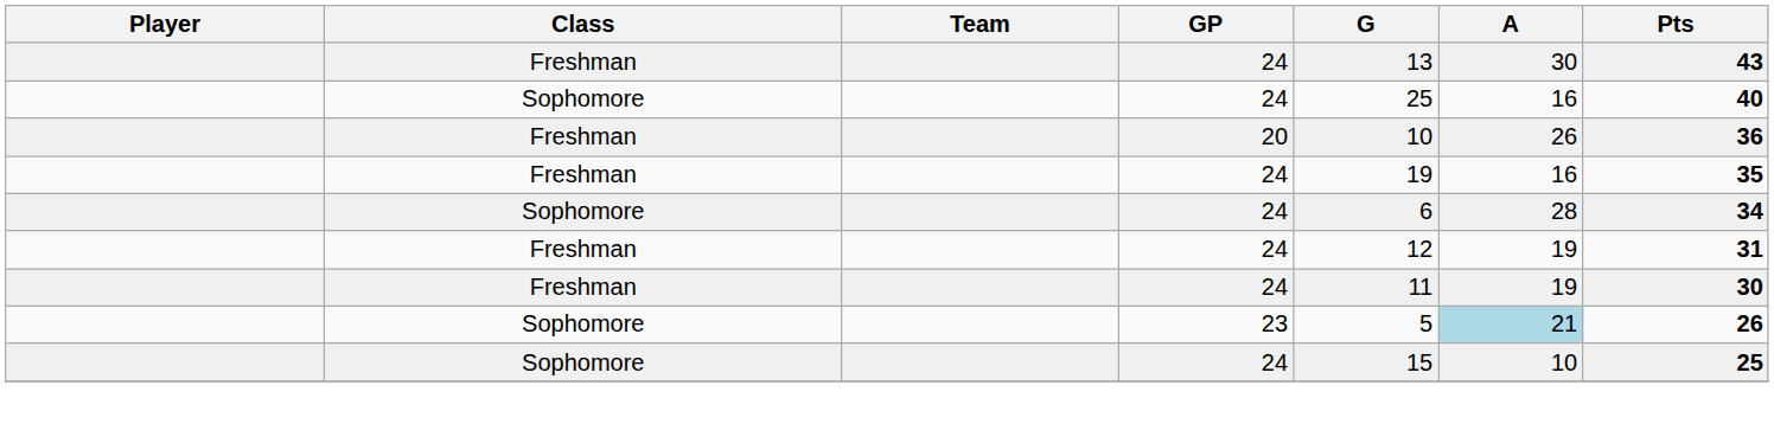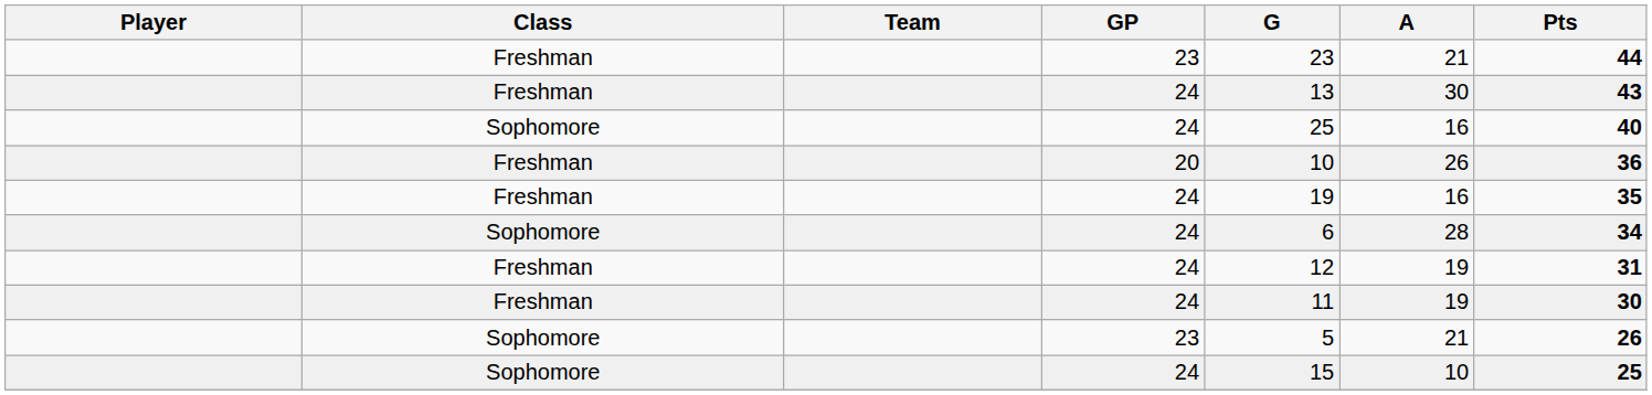 <table class="wikitable sortable" style="text-align: center; "width=60%">
 <tr>
 <th>Player</th>
 <th>Class</th>
 <th>Team</th>
 <th>GP</th>
 <th>G</th>
 <th>A</th>
 <th>Pts</th>
+</tr>
+<tr>
+<td style="text-align: left"></td>
+<td>Freshman</td>
+<td><strong><a href='#'></a></strong></td>
+<td style="text-align: right">23</td>
+<td style="text-align: right">23</td>
+<td style="text-align: right">21</td>
+<td style="text-align: right"><strong>44</strong></td>
 </tr>
 <tr bgcolor=f0f0f0>
 <td style="text-align: left"></td>
 <td>Freshman</td>
 <td><strong><a href='#'></a></strong></td>
 <td style="text-align: right">24</td>
 <td style="text-align: right">13</td>
 <td style="text-align: right">30</td>
 <td style="text-align: right"><strong>43</strong></td>
 </tr>
 <tr>
 <td style="text-align: left"></td>
 <td>Sophomore</td>
 <td><strong><a href='#'></a></strong></td>
 <td style="text-align: right">24</td>
 <td style="text-align: right">25</td>
 <td style="text-align: right">16</td>
 <td style="text-align: right"><strong>40</strong></td>
 </tr>
 <tr bgcolor=f0f0f0>
 <td style="text-align: left"></td>
 <td>Freshman</td>
 <td><strong><a href='#'></a></strong></td>
 <td style="text-align: right">20</td>
 <td style="text-align: right">10</td>
 <td style="text-align: right">26</td>
 <td style="text-align: right"><strong>36</strong></td>
 </tr>
 <tr>
 <td style="text-align: left"></td>
 <td>Freshman</td>
 <td><strong><a href='#'></a></strong></td>
 <td style="text-align: right">24</td>
 <td style="text-align: right">19</td>
 <td style="text-align: right">16</td>
 <td style="text-align: right"><strong>35</strong></td>
 </tr>
 <tr bgcolor=f0f0f0>
 <td style="text-align: left"></td>
 <td>Sophomore</td>
 <td><strong><a href='#'></a></strong></td>
 <td style="text-align: right">24</td>
 <td style="text-align: right">6</td>
 <td style="text-align: right">28</td>
 <td style="text-align: right"><strong>34</strong></td>
 </tr>
 <tr>
 <td style="text-align: left"></td>
 <td>Freshman</td>
 <td><strong><a href='#'></a></strong></td>
 <td style="text-align: right">24</td>
 <td style="text-align: right">12</td>
 <td style="text-align: right">19</td>
 <td style="text-align: right"><strong>31</strong></td>
 </tr>
 <tr bgcolor=f0f0f0>
 <td style="text-align: left"></td>
 <td>Freshman</td>
 <td><strong><a href='#'></a></strong></td>
 <td style="text-align: right">24</td>
 <td style="text-align: right">11</td>
 <td style="text-align: right">19</td>
 <td style="text-align: right"><strong>30</strong></td>
 </tr>
 <tr>
 <td style="text-align: left"></td>
 <td>Sophomore</td>
 <td><strong><a href='#'></a></strong></td>
 <td style="text-align: right">23</td>
 <td style="text-align: right">5</td>
-<td style="background: lightblue; text-align: right">21</td>
+<td style="text-align: right">21</td>
 <td style="text-align: right"><strong>26</strong></td>
 </tr>
 <tr bgcolor=f0f0f0>
 <td style="text-align: left"></td>
 <td>Sophomore</td>
 <td><strong><a href='#'></a></strong></td>
 <td style="text-align: right">24</td>
 <td style="text-align: right">15</td>
 <td style="text-align: right">10</td>
 <td style="text-align: right"><strong>25</strong></td>
 </tr>
 <tr>
 </tr>
 </table>
